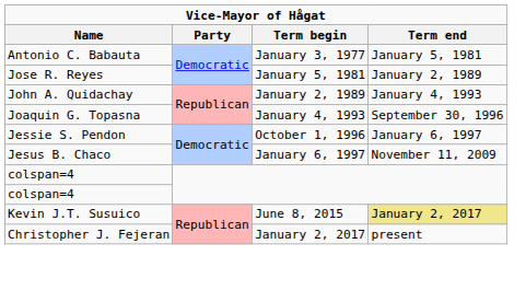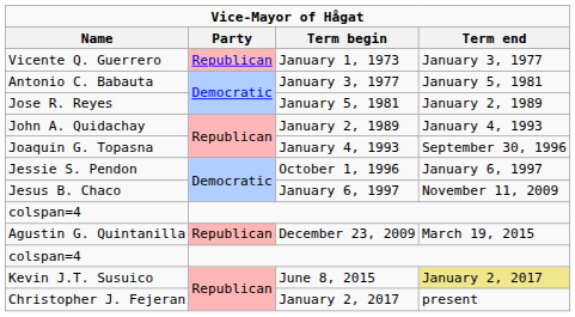 <table class="wikitable">
 <tr>
 <td colspan="4" align=center><strong>Vice-Mayor of Hågat</strong></td>
 </tr>
 <tr>
 <th>Name</th>
 <th>Party</th>
 <th>Term begin</th>
 <th>Term end</th>
+</tr>
+<tr>
+<td>Vicente Q. Guerrero</td>
+<td style="background-color: #FFB6B6";><a href='#'>Republican</a></td>
+<td>January 1, 1973</td>
+<td>January 3, 1977</td>
 </tr>
 <tr>
 <td>Antonio C. Babauta</td>
 <td style="background-color: #B0CEFF"; rowspan="2"><a href='#'>Democratic</a></td>
 <td>January 3, 1977</td>
 <td>January 5, 1981</td>
 </tr>
 <tr>
 <td>Jose R. Reyes</td>
 <td>January 5, 1981</td>
 <td>January 2, 1989</td>
 </tr>
 <tr>
 <td>John A. Quidachay</td>
 <td style="background-color: #FFB6B6"; rowspan="2">Republican</td>
 <td>January 2, 1989</td>
 <td>January 4, 1993</td>
 </tr>
 <tr>
 <td>Joaquin G. Topasna</td>
 <td>January 4, 1993</td>
 <td>September 30, 1996</td>
 </tr>
 <tr>
 <td>Jessie S. Pendon</td>
 <td style="background-color: #B0CEFF"; rowspan="2">Democratic</td>
 <td>October 1, 1996</td>
 <td>January 6, 1997</td>
 </tr>
 <tr>
 <td>Jesus B. Chaco</td>
 <td>January 6, 1997</td>
 <td>November 11, 2009</td>
 </tr>
 <tr>
 <td>colspan=4 </td>
 </tr>
 <tr>
+<td>Agustin G. Quintanilla</td>
+<td style="background-color: #FFB6B6";>Republican</td>
+<td>December 23, 2009</td>
+<td>March 19, 2015</td>
+</tr>
+<tr>
 <td>colspan=4 </td>
 </tr>
 <tr>
 <td>Kevin J.T. Susuico</td>
 <td style="background-color: #FFB6B6"; rowspan="2">Republican</td>
 <td>June 8, 2015</td>
 <td style="background: khaki;">January 2, 2017</td>
 </tr>
 <tr>
 <td>Christopher J. Fejeran</td>
 <td>January 2, 2017</td>
 <td>present</td>
 </tr>
 </table>
